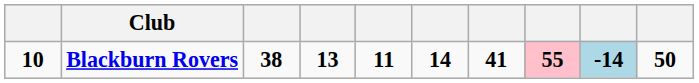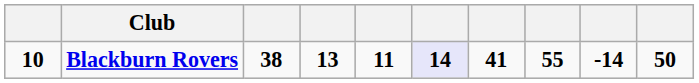 <table class="wikitable" style="text-align:center;border:1px solid #AAAAAA;font-size:90%">
 <tr>
 <th width=30></th>
 <th>Club</th>
 <th width=30></th>
 <th width=30></th>
 <th width=30></th>
 <th width=30></th>
 <th width=30></th>
 <th width=30></th>
 <th width=30></th>
 <th width=30></th>
 </tr>
 <tr>
 <td><strong>10</strong></td>
 <td align=left><strong><a href='#'>Blackburn Rovers</a></strong></td>
 <td><strong>38</strong></td>
 <td><strong>13</strong></td>
 <td><strong>11</strong></td>
-<td><strong>14</strong></td>
+<td style="background: lavender;"><strong>14</strong></td>
 <td><strong>41</strong></td>
-<td style="background: pink;"><strong>55</strong></td>
-<td style="background: lightblue;"><strong>-14</strong></td>
+<td><strong>55</strong></td>
+<td><strong>-14</strong></td>
 <td><strong>50</strong></td>
 </tr>
 </table>
